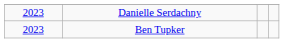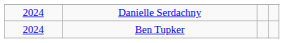 <table class="wikitable sortable" width=33%>
 <tr>
 </tr>
 <tr align=center>
-<td><a href='#'>2023</a></td>
+<td><a href='#'>2024</a></td>
 <td><a href='#'>Danielle Serdachny</a></td>
 <td><a href='#'><strong></strong></a></td>
 <td></td>
 </tr>
 <tr align=center>
-<td><a href='#'>2023</a></td>
+<td><a href='#'>2024</a></td>
 <td><a href='#'>Ben Tupker</a></td>
 <td><a href='#'><strong></strong></a></td>
 <td></td>
 </tr>
 </table>
